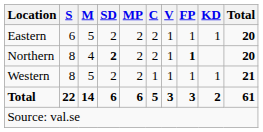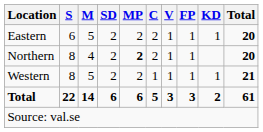 <table class="wikitable sortable" style=text-align:right>
 <tr>
 <th>Location</th>
 <th><a href='#'>S</a></th>
 <th><a href='#'>M</a></th>
 <th><a href='#'>SD</a></th>
 <th><a href='#'>MP</a></th>
 <th><a href='#'>C</a></th>
 <th><a href='#'>V</a></th>
 <th><a href='#'>FP</a></th>
 <th><a href='#'>KD</a></th>
 <th>Total</th>
 </tr>
 <tr>
 <td align=left>Eastern</td>
 <td>6</td>
 <td>5</td>
 <td>2</td>
 <td>2</td>
 <td>2</td>
 <td>1</td>
 <td>1</td>
 <td>1</td>
 <td><strong>20</strong></td>
 </tr>
 <tr>
 <td align=left>Northern</td>
 <td>8</td>
 <td>4</td>
+<td>2</td>
 <td><strong>2</strong></td>
 <td>2</td>
-<td>2</td>
 <td>1</td>
-<td><strong>1</strong></td>
+<td>1</td>
 <td></td>
 <td><strong>20</strong></td>
 </tr>
 <tr>
 <td align=left>Western</td>
 <td>8</td>
 <td>5</td>
 <td>2</td>
 <td>2</td>
 <td>1</td>
 <td>1</td>
 <td>1</td>
 <td>1</td>
 <td><strong>21</strong></td>
 </tr>
 <tr>
 <td align=left><strong>Total</strong></td>
 <td><strong>22</strong></td>
 <td><strong>14</strong></td>
 <td><strong>6</strong></td>
 <td><strong>6</strong></td>
 <td><strong>5</strong></td>
 <td><strong>3</strong></td>
 <td><strong>3</strong></td>
 <td><strong>2</strong></td>
 <td><strong>61</strong></td>
 </tr>
 <tr>
 <td align=left colspan=10>Source: val.se</td>
 </tr>
 </table>
